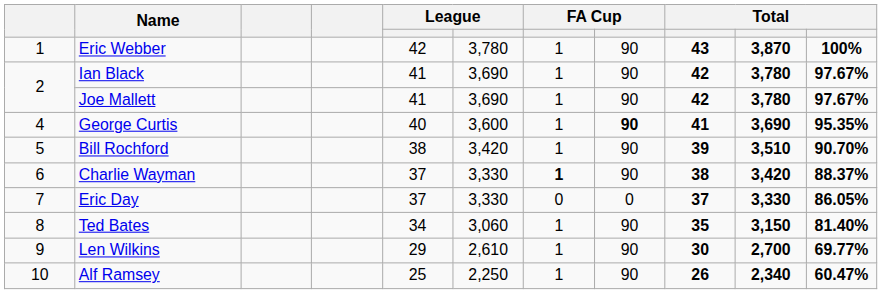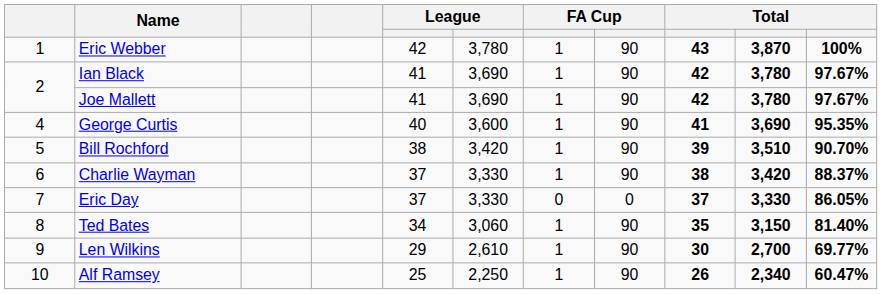 <table class="wikitable plainrowheaders" style="text-align:center;">
 <tr>
 <th scope="col" rowspan="2" style="width:4em;"></th>
 <th scope="col" rowspan="2" style="width:10em;">Name</th>
 <th scope="col" rowspan="2" style="width:4em;"></th>
 <th scope="col" rowspan="2" style="width:4em;"></th>
 <th scope="col" colspan="2">League</th>
 <th scope="col" colspan="2">FA Cup</th>
 <th scope="col" colspan="3">Total</th>
 </tr>
 <tr>
 <th scope="col" style="width:4em;"></th>
 <th scope="col" style="width:4em;"></th>
 <th scope="col" style="width:4em;"></th>
 <th scope="col" style="width:4em;"></th>
 <th scope="col" style="width:4em;"></th>
 <th scope="col" style="width:4em;"></th>
 <th scope="col" style="width:4em;"></th>
 </tr>
 <tr>
 <td>1</td>
 <td align="left"><a href='#'>Eric Webber</a></td>
 <td></td>
 <td></td>
 <td>42</td>
 <td>3,780</td>
 <td>1</td>
 <td>90</td>
 <td><strong>43</strong></td>
 <td><strong>3,870</strong></td>
 <td><strong>100%</strong></td>
 </tr>
 <tr>
 <td rowspan="2">2</td>
 <td align="left"><a href='#'>Ian Black</a></td>
 <td></td>
 <td></td>
 <td>41</td>
 <td>3,690</td>
 <td>1</td>
 <td>90</td>
 <td><strong>42</strong></td>
 <td><strong>3,780</strong></td>
 <td><strong>97.67%</strong></td>
 </tr>
 <tr>
 <td align="left"><a href='#'>Joe Mallett</a></td>
 <td></td>
 <td></td>
 <td>41</td>
 <td>3,690</td>
 <td>1</td>
 <td>90</td>
 <td><strong>42</strong></td>
 <td><strong>3,780</strong></td>
 <td><strong>97.67%</strong></td>
 </tr>
 <tr>
 <td>4</td>
 <td align="left"><a href='#'>George Curtis</a></td>
 <td></td>
 <td></td>
 <td>40</td>
 <td>3,600</td>
 <td>1</td>
-<td><strong>90</strong></td>
+<td>90</td>
 <td><strong>41</strong></td>
 <td><strong>3,690</strong></td>
 <td><strong>95.35%</strong></td>
 </tr>
 <tr>
 <td>5</td>
 <td align="left"><a href='#'>Bill Rochford</a></td>
 <td></td>
 <td></td>
 <td>38</td>
 <td>3,420</td>
 <td>1</td>
 <td>90</td>
 <td><strong>39</strong></td>
 <td><strong>3,510</strong></td>
 <td><strong>90.70%</strong></td>
 </tr>
 <tr>
 <td>6</td>
 <td align="left"><a href='#'>Charlie Wayman</a></td>
 <td></td>
 <td></td>
 <td>37</td>
 <td>3,330</td>
-<td><strong>1</strong></td>
+<td>1</td>
 <td>90</td>
 <td><strong>38</strong></td>
 <td><strong>3,420</strong></td>
 <td><strong>88.37%</strong></td>
 </tr>
 <tr>
 <td>7</td>
 <td align="left"><a href='#'>Eric Day</a></td>
 <td></td>
 <td></td>
 <td>37</td>
 <td>3,330</td>
 <td>0</td>
 <td>0</td>
 <td><strong>37</strong></td>
 <td><strong>3,330</strong></td>
 <td><strong>86.05%</strong></td>
 </tr>
 <tr>
 <td>8</td>
 <td align="left"><a href='#'>Ted Bates</a></td>
 <td></td>
 <td></td>
 <td>34</td>
 <td>3,060</td>
 <td>1</td>
 <td>90</td>
 <td><strong>35</strong></td>
 <td><strong>3,150</strong></td>
 <td><strong>81.40%</strong></td>
 </tr>
 <tr>
 <td>9</td>
 <td align="left"><a href='#'>Len Wilkins</a></td>
 <td></td>
 <td></td>
 <td>29</td>
 <td>2,610</td>
 <td>1</td>
 <td>90</td>
 <td><strong>30</strong></td>
 <td><strong>2,700</strong></td>
 <td><strong>69.77%</strong></td>
 </tr>
 <tr>
 <td>10</td>
 <td align="left"><a href='#'>Alf Ramsey</a></td>
 <td></td>
 <td></td>
 <td>25</td>
 <td>2,250</td>
 <td>1</td>
 <td>90</td>
 <td><strong>26</strong></td>
 <td><strong>2,340</strong></td>
 <td><strong>60.47%</strong></td>
 </tr>
 </table>
